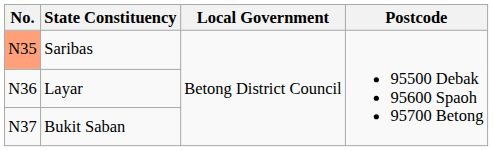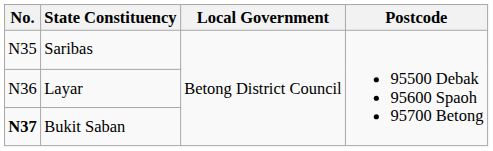 <table class="wikitable">
 <tr>
 <th>No.</th>
 <th>State Constituency</th>
 <th>Local Government</th>
 <th>Postcode</th>
 </tr>
 <tr>
-<td style="background: lightsalmon;">N35</td>
+<td>N35</td>
 <td>Saribas</td>
 <td rowspan="3">Betong District Council</td>
 <td rowspan="3"><br><ul><li>95500 Debak</li><li>95600 Spaoh</li><li>95700 Betong</li></ul></td>
 </tr>
 <tr>
 <td>N36</td>
 <td>Layar</td>
 </tr>
 <tr>
-<td>N37</td>
+<td><strong>N37</strong></td>
 <td>Bukit Saban</td>
 </tr>
 </table>
